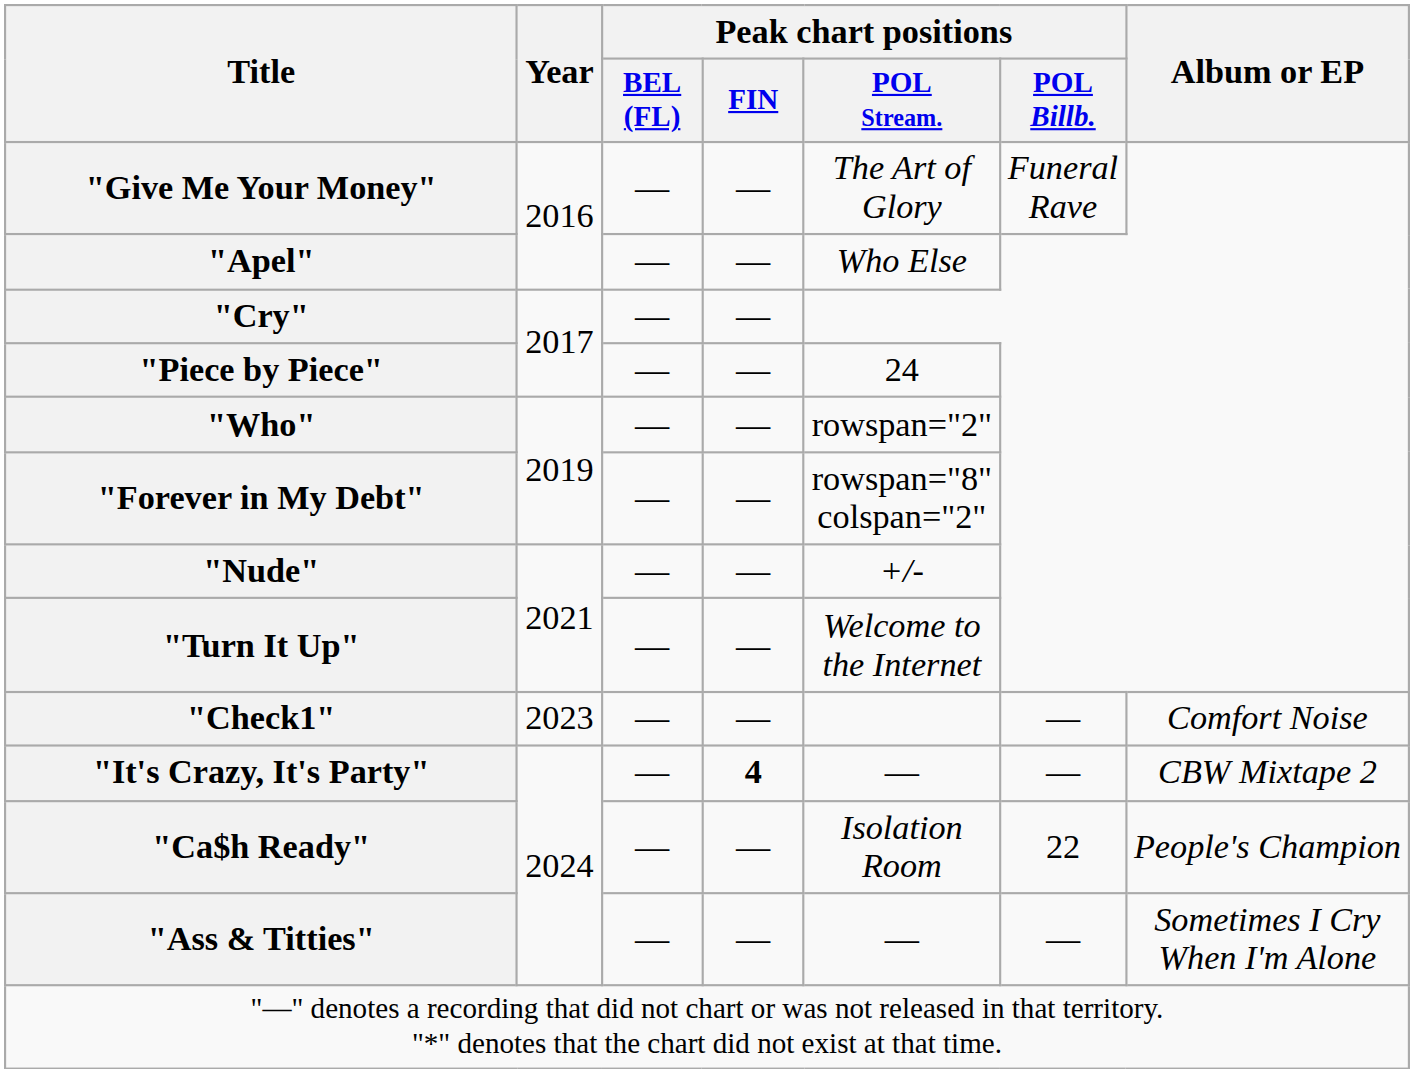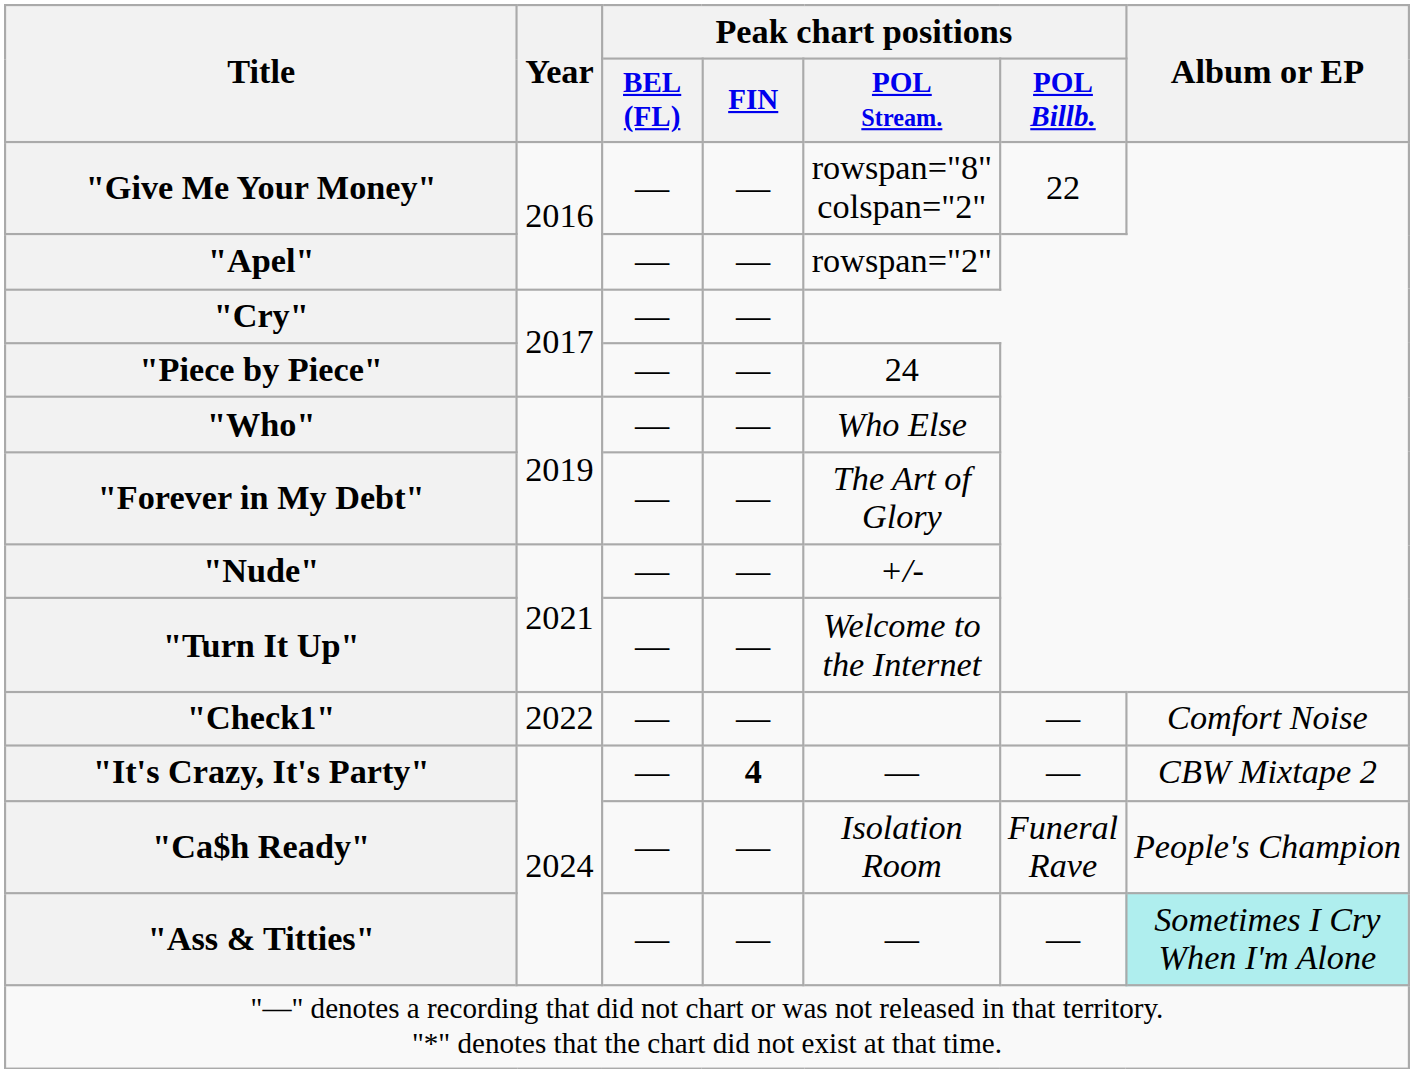 <table class="wikitable plainrowheaders" style="text-align:center">
 <tr>
 <th scope="col" rowspan="2" style="width:14.5em;">Title</th>
 <th scope="col" rowspan="2">Year</th>
 <th scope="col" colspan="4">Peak chart positions</th>
 <th scope="col" rowspan="2">Album or EP</th>
 </tr>
 <tr>
 <th scope="col" style="width:3em;font-size:85%;"><a href='#'>BEL<br>(FL)</a><br></th>
 <th scope="col" style="width:3em;font-size:85%;"><a href='#'>FIN</a><br></th>
 <th scope="col" style="width:3em;font-size:85%;"><a href='#'>POL<br><small>Stream.</small></a><br></th>
 <th scope="col" style="width:3em;font-size:85%;"><a href='#'>POL<br><em>Billb.</em></a><br></th>
 </tr>
 <tr>
 <th scope="row">"Give Me Your Money"<br></th>
 <td rowspan="2">2016</td>
 <td>—</td>
 <td>—</td>
-<td><em>The Art of Glory</em></td>
-<td><em>Funeral Rave</em></td>
+<td>rowspan="8" colspan="2" </td>
+<td>22</td>
 </tr>
 <tr>
 <th scope="row">"Apel"<br></th>
 <td>—</td>
 <td>—</td>
-<td><em>Who Else</em></td>
+<td>rowspan="2" </td>
 </tr>
 <tr>
 <th scope="row">"Cry"<br></th>
 <td rowspan="2">2017</td>
 <td>—</td>
 <td>—</td>
 </tr>
 <tr>
 <th scope="row">"Piece by Piece"<br></th>
 <td>—</td>
 <td>—</td>
 <td>24</td>
 </tr>
 <tr>
 <th scope="row">"Who"<br></th>
 <td rowspan="2">2019</td>
 <td>—</td>
 <td>—</td>
-<td>rowspan="2" </td>
+<td><em>Who Else</em></td>
 </tr>
 <tr>
 <th scope="row">"Forever in My Debt"<br></th>
 <td>—</td>
 <td>—</td>
-<td>rowspan="8" colspan="2" </td>
+<td><em>The Art of Glory</em></td>
 </tr>
 <tr>
 <th scope="row">"Nude"<br></th>
 <td rowspan="2">2021</td>
 <td>—</td>
 <td>—</td>
 <td><em>+/-</em></td>
 </tr>
 <tr>
 <th scope="row">"Turn It Up"<br></th>
 <td>—</td>
 <td>—</td>
 <td><em>Welcome to the Internet</em></td>
 </tr>
 <tr>
 <th scope="row">"Check1"<br></th>
-<td>2023</td>
+<td>2022</td>
 <td>—</td>
 <td>—</td>
 <td></td>
 <td>—</td>
 <td><em>Comfort Noise</em></td>
 </tr>
 <tr>
 <th scope="row">"It's Crazy, It's Party"<br></th>
 <td rowspan="3">2024</td>
 <td>—</td>
 <td><strong>4</strong></td>
 <td>—</td>
 <td>—</td>
 <td><em>CBW Mixtape 2</em></td>
 </tr>
 <tr>
 <th scope="row">"Ca$h Ready"<br></th>
 <td>—</td>
 <td>—</td>
 <td><em>Isolation Room</em></td>
-<td>22</td>
+<td><em>Funeral Rave</em></td>
 <td><em>People's Champion</em></td>
 </tr>
 <tr>
 <th scope="row">"Ass & Titties"<br></th>
 <td>—</td>
 <td>—</td>
 <td>—</td>
 <td>—</td>
-<td><em>Sometimes I Cry<br>When I'm Alone</em></td>
+<td style="background: paleturquoise;"><em>Sometimes I Cry<br>When I'm Alone</em></td>
 </tr>
 <tr>
 <td colspan="7" style="font-size:85%">"—" denotes a recording that did not chart or was not released in that territory.<br> "*" denotes that the chart did not exist at that time.</td>
 </tr>
 </table>
